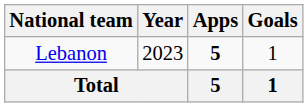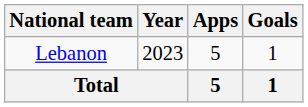 <table class="wikitable" style="text-align:center">
 <tr>
 <th>National team</th>
 <th>Year</th>
 <th>Apps</th>
 <th>Goals</th>
 </tr>
 <tr>
 <td rowspan="1"><a href='#'>Lebanon</a></td>
 <td>2023</td>
-<td><strong>5</strong></td>
+<td>5</td>
 <td>1</td>
 </tr>
 <tr>
 <th colspan="2">Total</th>
 <th>5</th>
 <th>1</th>
 </tr>
 </table>
